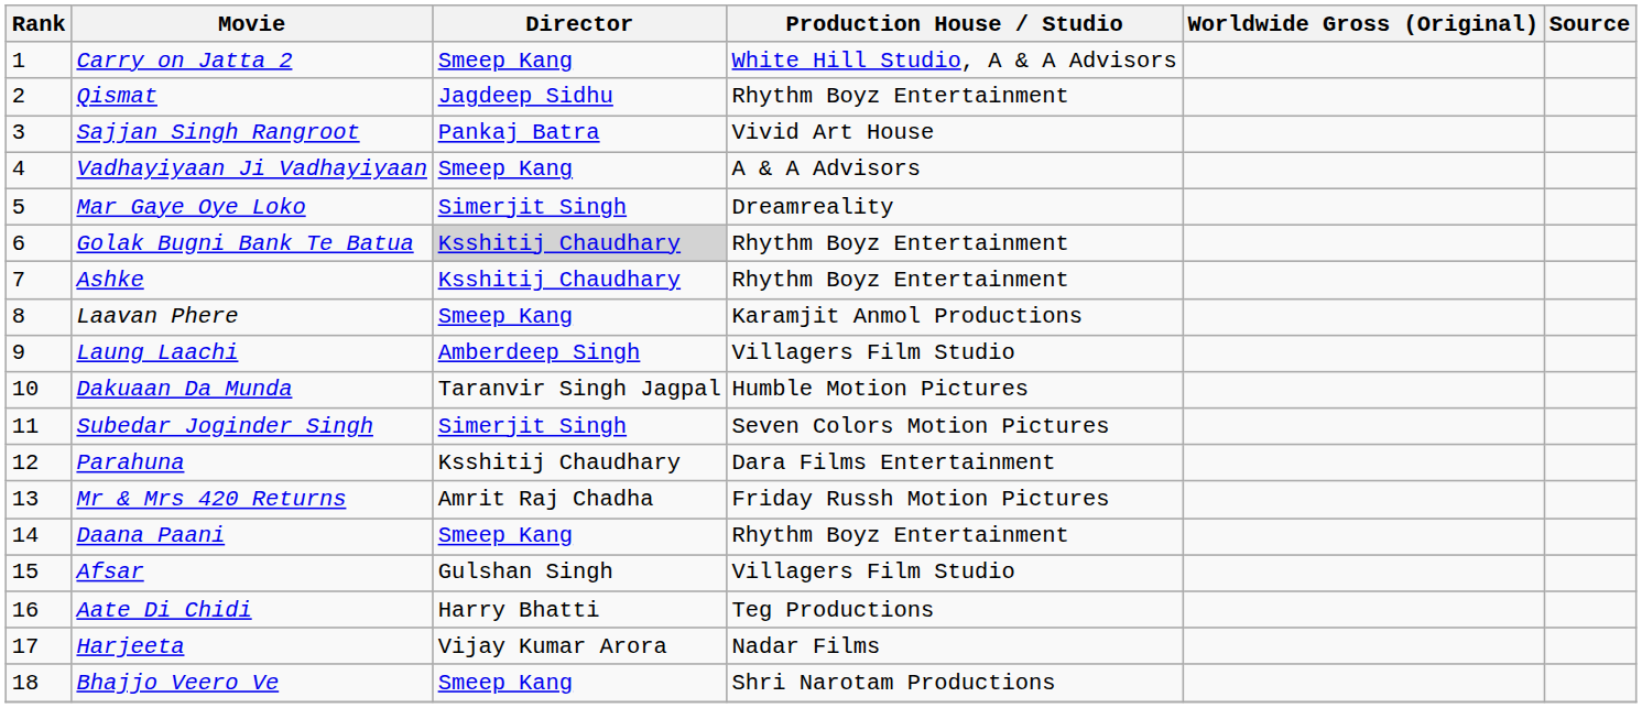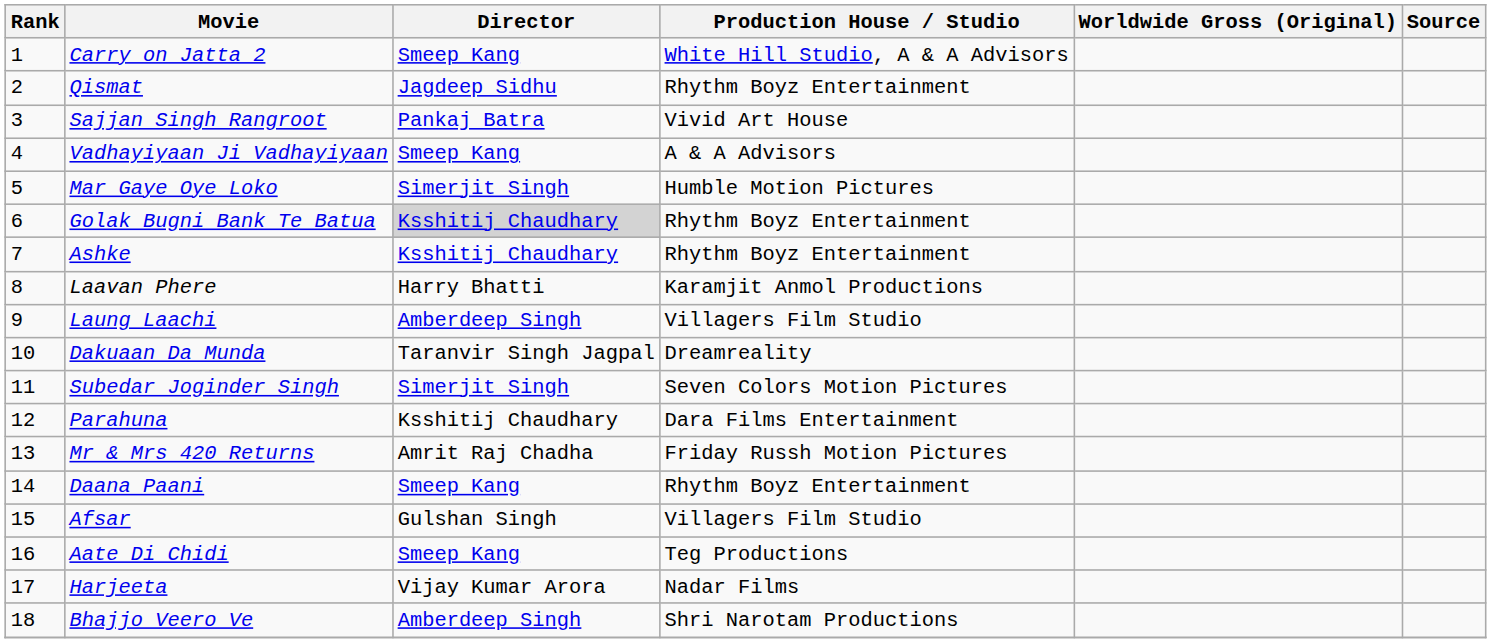 <table class="wikitable sortable" style="margin:auto; margin:auto;">
 <tr>
 <th>Rank</th>
 <th>Movie</th>
 <th>Director</th>
 <th>Production House / Studio</th>
 <th>Worldwide Gross (Original)</th>
 <th>Source</th>
 </tr>
 <tr>
 <td>1</td>
 <td><em><a href='#'>Carry on Jatta 2</a></em></td>
 <td><a href='#'>Smeep Kang</a></td>
 <td><a href='#'>White Hill Studio</a>, A & A Advisors</td>
 <td></td>
 <td><br>  </td>
 </tr>
 <tr>
 <td>2</td>
 <td><em><a href='#'>Qismat</a></em></td>
 <td><a href='#'>Jagdeep Sidhu</a></td>
 <td>Rhythm Boyz Entertainment</td>
 <td></td>
 <td></td>
 </tr>
 <tr>
 <td>3</td>
 <td><em><a href='#'>Sajjan Singh Rangroot</a></em></td>
 <td><a href='#'>Pankaj Batra</a></td>
 <td>Vivid Art House</td>
 <td></td>
 <td></td>
 </tr>
 <tr>
 <td>4</td>
 <td><em><a href='#'>Vadhayiyaan Ji Vadhayiyaan</a></em></td>
 <td><a href='#'>Smeep Kang</a></td>
 <td>A & A Advisors</td>
 <td></td>
 <td></td>
 </tr>
 <tr>
 <td>5</td>
 <td><em><a href='#'>Mar Gaye Oye Loko</a></em></td>
 <td><a href='#'>Simerjit Singh</a></td>
-<td>Dreamreality</td>
+<td>Humble Motion Pictures</td>
 <td></td>
 <td></td>
 </tr>
 <tr>
 <td>6</td>
 <td><em><a href='#'>Golak Bugni Bank Te Batua</a></em></td>
 <td style="background: lightgrey;"><a href='#'>Ksshitij Chaudhary</a></td>
 <td>Rhythm Boyz Entertainment</td>
 <td></td>
 <td></td>
 </tr>
 <tr>
 <td>7</td>
 <td><em><a href='#'>Ashke</a></em></td>
 <td><a href='#'>Ksshitij Chaudhary</a></td>
 <td>Rhythm Boyz Entertainment</td>
 <td></td>
 <td></td>
 </tr>
 <tr>
 <td>8</td>
 <td><em>Laavan Phere</em></td>
-<td><a href='#'>Smeep Kang</a></td>
+<td>Harry Bhatti</td>
 <td>Karamjit Anmol Productions</td>
 <td></td>
 <td></td>
 </tr>
 <tr>
 <td>9</td>
 <td><em><a href='#'>Laung Laachi</a></em></td>
 <td><a href='#'>Amberdeep Singh</a></td>
 <td>Villagers Film Studio</td>
 <td></td>
 <td></td>
 </tr>
 <tr>
 <td>10</td>
 <td><em><a href='#'>Dakuaan Da Munda</a></em></td>
 <td>Taranvir Singh Jagpal</td>
-<td>Humble Motion Pictures</td>
+<td>Dreamreality</td>
 <td></td>
 <td></td>
 </tr>
 <tr>
 <td>11</td>
 <td><em><a href='#'>Subedar Joginder Singh</a></em></td>
 <td><a href='#'>Simerjit Singh</a></td>
 <td>Seven Colors Motion Pictures</td>
 <td></td>
 <td></td>
 </tr>
 <tr>
 <td>12</td>
 <td><em><a href='#'>Parahuna</a></em></td>
 <td>Ksshitij Chaudhary</td>
 <td>Dara Films Entertainment</td>
 <td></td>
 <td></td>
 </tr>
 <tr>
 <td>13</td>
 <td><em><a href='#'>Mr & Mrs 420 Returns</a></em></td>
 <td>Amrit Raj Chadha</td>
 <td>Friday Russh Motion Pictures</td>
 <td></td>
 <td></td>
 </tr>
 <tr>
 <td>14</td>
 <td><em><a href='#'>Daana Paani</a></em></td>
 <td><a href='#'>Smeep Kang</a></td>
 <td>Rhythm Boyz Entertainment</td>
 <td></td>
 <td></td>
 </tr>
 <tr>
 <td>15</td>
 <td><em><a href='#'>Afsar</a></em></td>
 <td>Gulshan Singh</td>
 <td>Villagers Film Studio</td>
 <td></td>
 <td></td>
 </tr>
 <tr>
 <td>16</td>
 <td><em><a href='#'>Aate Di Chidi</a></em></td>
-<td>Harry Bhatti</td>
+<td><a href='#'>Smeep Kang</a></td>
 <td>Teg Productions</td>
 <td></td>
 <td></td>
 </tr>
 <tr>
 <td>17</td>
 <td><em><a href='#'>Harjeeta</a></em></td>
 <td>Vijay Kumar Arora</td>
 <td>Nadar Films</td>
 <td></td>
 <td></td>
 </tr>
 <tr>
 <td>18</td>
 <td><em><a href='#'>Bhajjo Veero Ve</a></em></td>
-<td><a href='#'>Smeep Kang</a></td>
+<td><a href='#'>Amberdeep Singh</a></td>
 <td>Shri Narotam Productions</td>
 <td></td>
 <td></td>
 </tr>
 <tr>
 </tr>
 </table>
